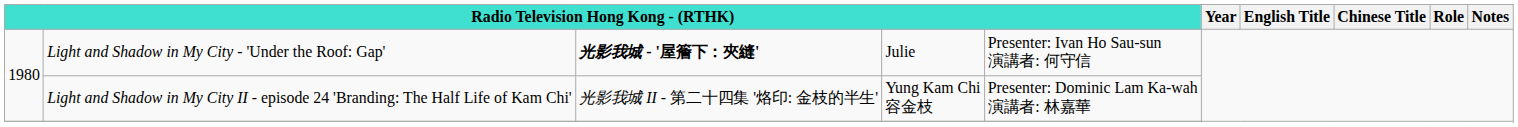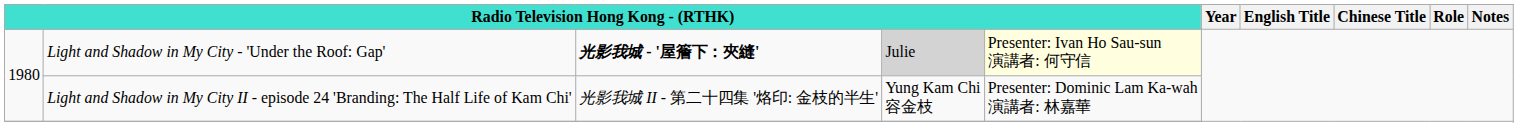 <table class="wikitable sortable">
 <tr>
 <th colspan=5 style="background: turquoise;">Radio Television Hong Kong - (RTHK)</th>
 <th>Year</th>
 <th>English Title</th>
 <th>Chinese Title</th>
 <th>Role</th>
 <th>Notes</th>
 </tr>
 <tr>
 <td rowspan="2">1980</td>
 <td><em>Light and Shadow in My City</em> - 'Under the Roof: Gap'</td>
 <td><strong><em>光影我城</em> - '屋簷下：夾縫'</strong></td>
-<td>Julie</td>
-<td>Presenter: Ivan Ho Sau-sun<br>演講者: 何守信<br></td>
+<td style="background: lightgrey;">Julie</td>
+<td style="background: lightyellow;">Presenter: Ivan Ho Sau-sun<br>演講者: 何守信<br></td>
 </tr>
 <tr>
 <td><em>Light and Shadow in My City II</em> - episode 24 'Branding: The Half Life of Kam Chi'</td>
 <td><em>光影我城 II</em> - 第二十四集 '烙印: 金枝的半生'</td>
 <td>Yung Kam Chi<br>容金枝<br></td>
 <td>Presenter: Dominic Lam Ka-wah <br>演講者: 林嘉華<br></td>
 </tr>
 <tr>
 </tr>
 </table>
